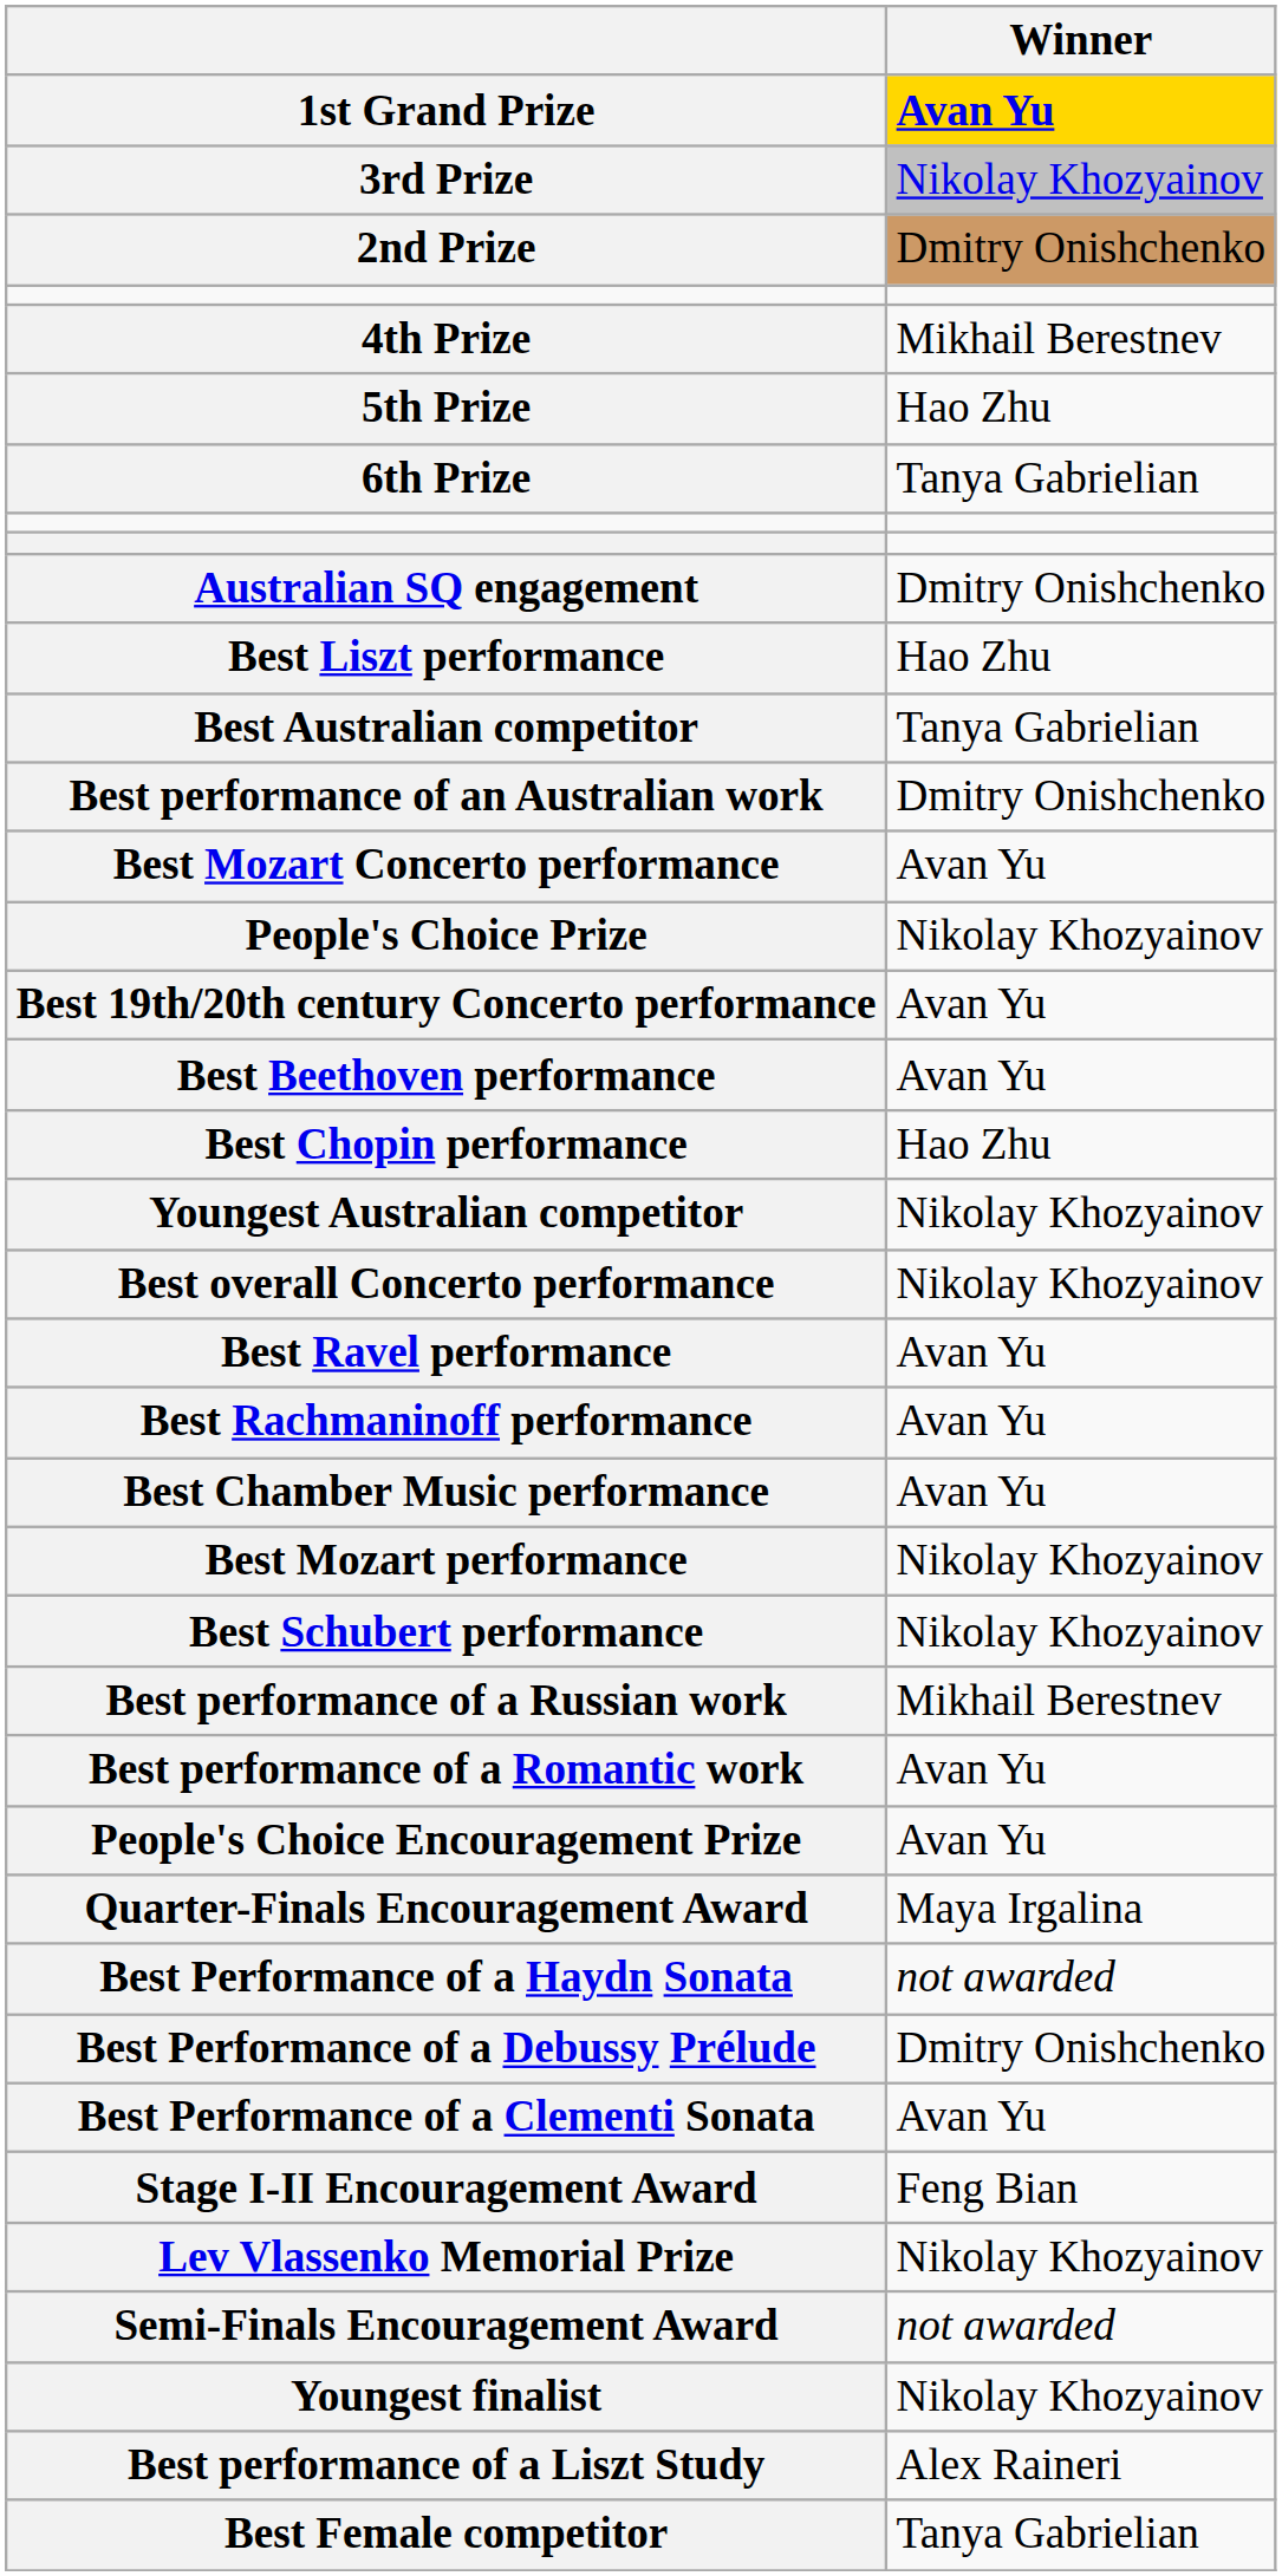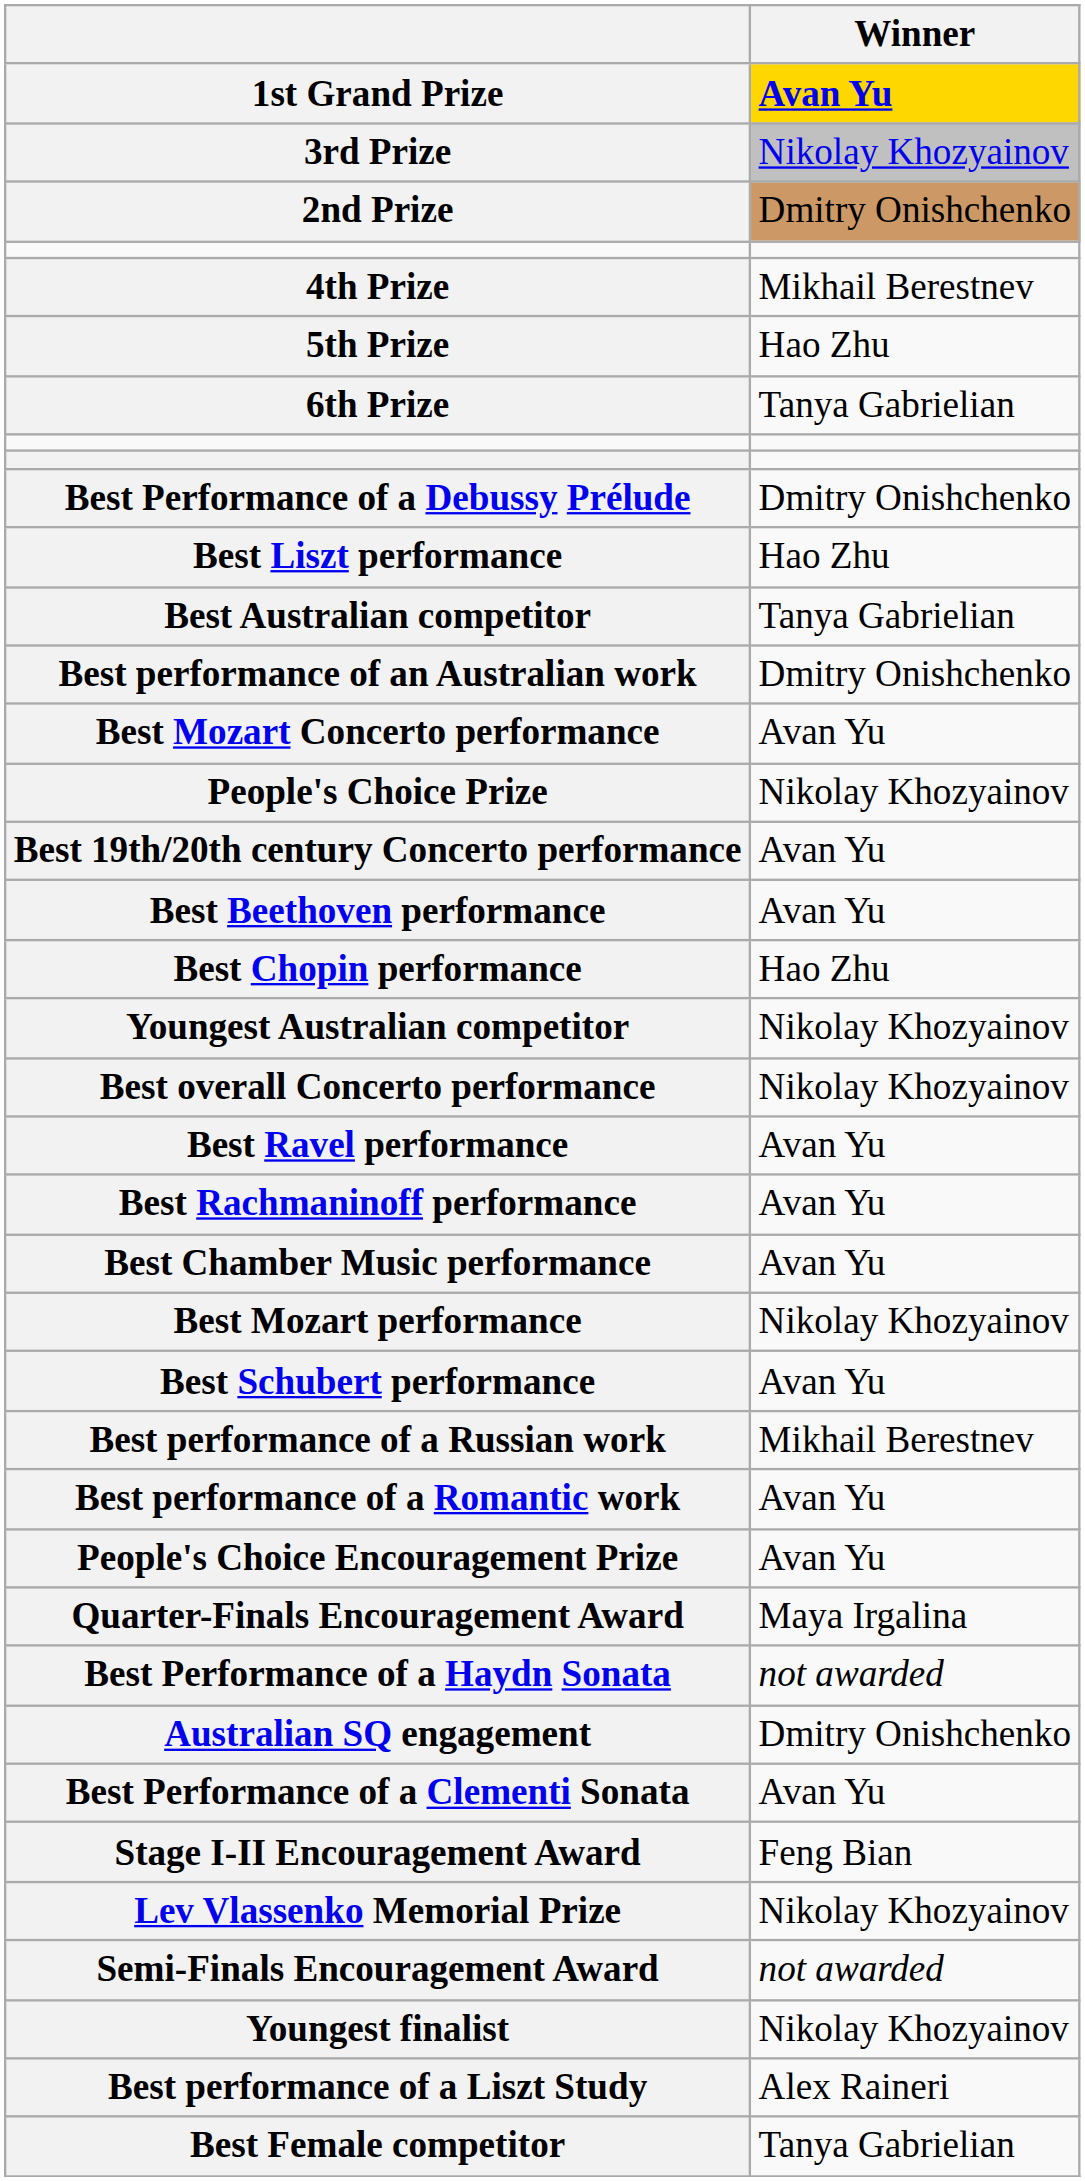 <table class="wikitable">
 <tr>
 <th></th>
 <th>Winner</th>
 </tr>
 <tr>
 <th>1st Grand Prize</th>
 <td bgcolor="gold"> <strong><a href='#'>Avan Yu</a></strong></td>
 </tr>
 <tr>
 <th>3rd Prize</th>
 <td bgcolor="silver"> <a href='#'>Nikolay Khozyainov</a></td>
 </tr>
 <tr>
 <th>2nd Prize</th>
 <td bgcolor="cc9966"> Dmitry Onishchenko</td>
 </tr>
 <tr>
 <td></td>
 <td></td>
 </tr>
 <tr>
 <th>4th Prize</th>
 <td> Mikhail Berestnev</td>
 </tr>
 <tr>
 <th>5th Prize</th>
 <td> Hao Zhu</td>
 </tr>
 <tr>
 <th>6th Prize</th>
 <td> Tanya Gabrielian</td>
 </tr>
 <tr>
 <td></td>
 </tr>
 <tr>
 <th></th>
 <td></td>
 </tr>
 <tr>
-<th><a href='#'>Australian SQ</a> engagement</th>
+<th>Best Performance of a <a href='#'>Debussy</a> <a href='#'>Prélude</a></th>
 <td> Dmitry Onishchenko</td>
 </tr>
 <tr>
 <th>Best <a href='#'>Liszt</a> performance</th>
 <td> Hao Zhu</td>
 </tr>
 <tr>
 <th>Best Australian competitor</th>
 <td> Tanya Gabrielian</td>
 </tr>
 <tr>
 <th>Best performance of an Australian work</th>
 <td> Dmitry Onishchenko</td>
 </tr>
 <tr>
 <th>Best <a href='#'>Mozart</a> Concerto performance</th>
 <td> Avan Yu</td>
 </tr>
 <tr>
 <th>People's Choice Prize</th>
 <td> Nikolay Khozyainov</td>
 </tr>
 <tr>
 <th>Best 19th/20th century Concerto performance</th>
 <td> Avan Yu</td>
 </tr>
 <tr>
 <th>Best <a href='#'>Beethoven</a> performance</th>
 <td> Avan Yu</td>
 </tr>
 <tr>
 <th>Best <a href='#'>Chopin</a> performance</th>
 <td> Hao Zhu</td>
 </tr>
 <tr>
 <th>Youngest Australian competitor</th>
 <td> Nikolay Khozyainov</td>
 </tr>
 <tr>
 <th>Best overall Concerto performance</th>
 <td> Nikolay Khozyainov</td>
 </tr>
 <tr>
 <th>Best <a href='#'>Ravel</a> performance</th>
 <td> Avan Yu</td>
 </tr>
 <tr>
 <th>Best <a href='#'>Rachmaninoff</a> performance</th>
 <td> Avan Yu</td>
 </tr>
 <tr>
 <th>Best Chamber Music performance</th>
 <td> Avan Yu</td>
 </tr>
 <tr>
 <th>Best Mozart performance</th>
 <td> Nikolay Khozyainov</td>
 </tr>
 <tr>
 <th>Best <a href='#'>Schubert</a> performance</th>
-<td> Nikolay Khozyainov</td>
+<td> Avan Yu</td>
 </tr>
 <tr>
 <th>Best performance of a Russian work</th>
 <td> Mikhail Berestnev</td>
 </tr>
 <tr>
 <th>Best performance of a <a href='#'>Romantic</a> work</th>
 <td> Avan Yu</td>
 </tr>
 <tr>
 <th>People's Choice Encouragement Prize</th>
 <td> Avan Yu</td>
 </tr>
 <tr>
 <th>Quarter-Finals Encouragement Award</th>
 <td> Maya Irgalina</td>
 </tr>
 <tr>
 <th>Best Performance of a <a href='#'>Haydn</a> <a href='#'>Sonata</a></th>
 <td><em>not awarded</em></td>
 </tr>
 <tr>
-<th>Best Performance of a <a href='#'>Debussy</a> <a href='#'>Prélude</a></th>
+<th><a href='#'>Australian SQ</a> engagement</th>
 <td> Dmitry Onishchenko</td>
 </tr>
 <tr>
 <th>Best Performance of a <a href='#'>Clementi</a> Sonata</th>
 <td> Avan Yu</td>
 </tr>
 <tr>
 <th>Stage I-II Encouragement Award</th>
 <td> Feng Bian</td>
 </tr>
 <tr>
 <th><a href='#'>Lev Vlassenko</a> Memorial Prize</th>
 <td> Nikolay Khozyainov</td>
 </tr>
 <tr>
 <th>Semi-Finals Encouragement Award</th>
 <td><em>not awarded</em></td>
 </tr>
 <tr>
 <th>Youngest finalist</th>
 <td> Nikolay Khozyainov</td>
 </tr>
 <tr>
 <th>Best performance of a Liszt Study</th>
 <td> Alex Raineri</td>
 </tr>
 <tr>
 <th>Best Female competitor</th>
 <td> Tanya Gabrielian</td>
 </tr>
 <tr>
 </tr>
 </table>
